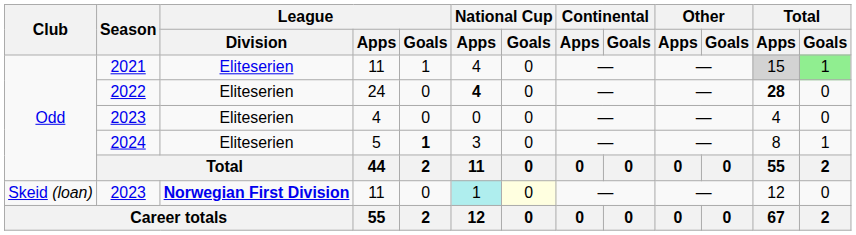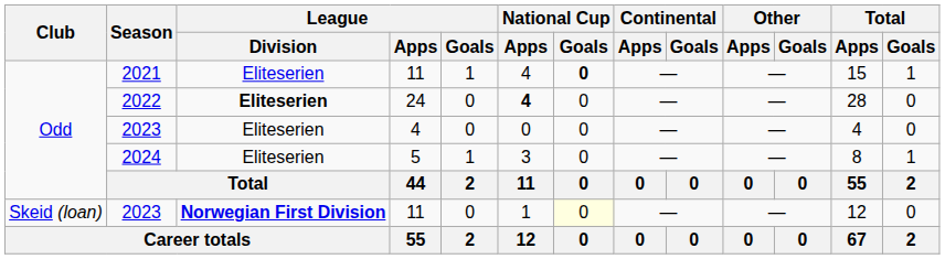 <table class="wikitable" style="text-align:center">
 <tr>
 <th rowspan="2">Club</th>
 <th rowspan="2">Season</th>
 <th colspan="3">League</th>
 <th colspan="2">National Cup</th>
 <th colspan="2">Continental</th>
 <th colspan="2">Other</th>
 <th colspan="2">Total</th>
 </tr>
 <tr>
 <th>Division</th>
 <th>Apps</th>
 <th>Goals</th>
 <th>Apps</th>
 <th>Goals</th>
 <th>Apps</th>
 <th>Goals</th>
 <th>Apps</th>
 <th>Goals</th>
 <th>Apps</th>
 <th>Goals</th>
 </tr>
 <tr>
 <td rowspan="5"><a href='#'>Odd</a></td>
 <td><a href='#'>2021</a></td>
 <td><a href='#'>Eliteserien</a></td>
 <td>11</td>
 <td>1</td>
 <td>4</td>
-<td>0</td>
+<td><strong>0</strong></td>
 <td colspan="2">—</td>
 <td colspan="2">—</td>
-<td style="background: lightgrey;">15</td>
-<td style="background: lightgreen;">1</td>
+<td>15</td>
+<td>1</td>
 </tr>
 <tr>
 <td><a href='#'>2022</a></td>
-<td>Eliteserien</td>
+<td><strong>Eliteserien</strong></td>
 <td>24</td>
 <td>0</td>
 <td><strong>4</strong></td>
 <td>0</td>
 <td colspan="2">—</td>
 <td colspan="2">—</td>
-<td><strong>28</strong></td>
+<td>28</td>
 <td>0</td>
 </tr>
 <tr>
 <td><a href='#'>2023</a></td>
 <td>Eliteserien</td>
 <td>4</td>
 <td>0</td>
 <td>0</td>
 <td>0</td>
 <td colspan="2">—</td>
 <td colspan="2">—</td>
 <td>4</td>
 <td>0</td>
 </tr>
 <tr>
 <td><a href='#'>2024</a></td>
 <td>Eliteserien</td>
 <td>5</td>
-<td><strong>1</strong></td>
+<td>1</td>
 <td>3</td>
 <td>0</td>
 <td colspan="2">—</td>
 <td colspan="2">—</td>
 <td>8</td>
 <td>1</td>
 </tr>
 <tr>
 <th colspan="2">Total</th>
 <th>44</th>
 <th>2</th>
 <th>11</th>
 <th>0</th>
 <th>0</th>
 <th>0</th>
 <th>0</th>
 <th>0</th>
 <th>55</th>
 <th>2</th>
 </tr>
 <tr>
 <td><a href='#'>Skeid</a> <em>(loan)</em></td>
 <td><a href='#'>2023</a></td>
 <td><strong><a href='#'>Norwegian First Division</a></strong></td>
 <td>11</td>
 <td>0</td>
-<td style="background: paleturquoise;">1</td>
+<td>1</td>
 <td style="background: lightyellow;">0</td>
 <td colspan="2">—</td>
 <td colspan="2">—</td>
 <td>12</td>
 <td>0</td>
 </tr>
 <tr>
 <th colspan="3">Career totals</th>
 <th>55</th>
 <th>2</th>
 <th>12</th>
 <th>0</th>
 <th>0</th>
 <th>0</th>
 <th>0</th>
 <th>0</th>
 <th>67</th>
 <th>2</th>
 </tr>
 </table>
